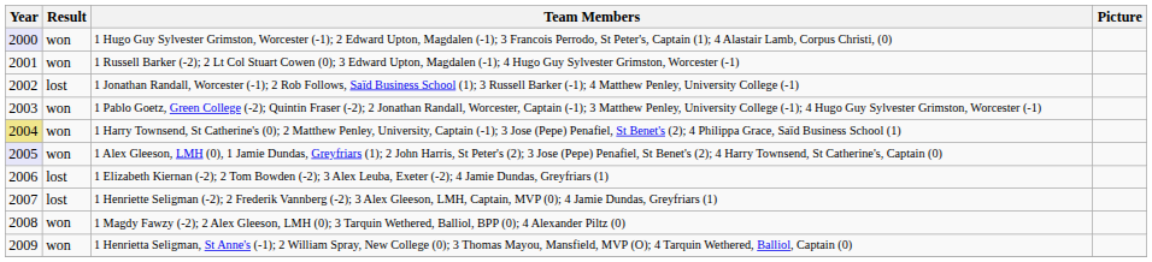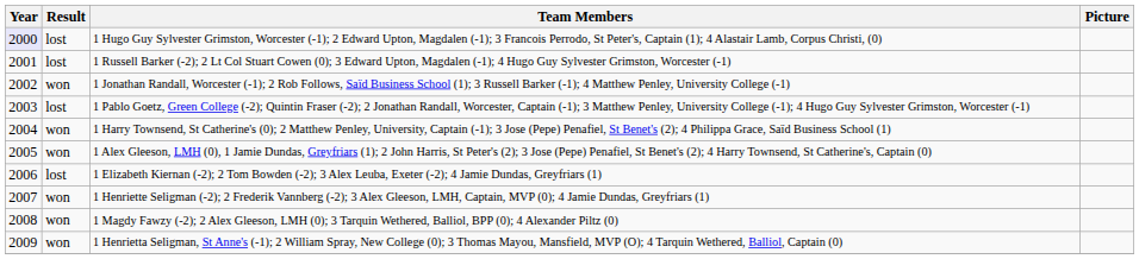 <table class="wikitable" width="100%">
 <tr>
 <th>Year</th>
 <th>Result</th>
 <th>Team Members</th>
 <th>Picture</th>
 </tr>
 <tr>
 <td style="background: lavender;">2000</td>
-<td>won</td>
+<td>lost</td>
 <td style="font-size:85%">1 Hugo Guy Sylvester Grimston, Worcester (-1); 2 Edward Upton, Magdalen (-1); 3 Francois Perrodo, St Peter's, Captain (1); 4 Alastair Lamb, Corpus Christi, (0)</td>
 <td></td>
 </tr>
 <tr>
 <td>2001</td>
-<td>won</td>
+<td>lost</td>
 <td style="font-size:85%">1 Russell Barker (-2); 2 Lt Col Stuart Cowen (0); 3 Edward Upton, Magdalen (-1); 4 Hugo Guy Sylvester Grimston, Worcester (-1)</td>
 <td></td>
 </tr>
 <tr>
 <td>2002</td>
-<td>lost</td>
+<td>won</td>
 <td style="font-size:85%">1 Jonathan Randall, Worcester (-1); 2 Rob Follows, <a href='#'>Saïd Business School</a> (1); 3 Russell Barker (-1); 4 Matthew Penley, University College (-1)</td>
 <td></td>
 </tr>
 <tr>
 <td>2003</td>
-<td>won</td>
+<td>lost</td>
 <td style="font-size:85%">1 Pablo Goetz, <a href='#'>Green College</a> (-2); Quintin Fraser (-2); 2 Jonathan Randall, Worcester, Captain (-1); 3 Matthew Penley, University College (-1); 4 Hugo Guy Sylvester Grimston, Worcester (-1)</td>
 <td></td>
 </tr>
 <tr>
-<td style="background: khaki;">2004</td>
+<td>2004</td>
 <td>won</td>
 <td style="font-size:85%">1 Harry Townsend, St Catherine's (0);  2 Matthew Penley, University, Captain (-1); 3 Jose (Pepe) Penafiel, <a href='#'>St Benet's</a> (2); 4 Philippa Grace, Saïd Business School (1)</td>
 <td></td>
 </tr>
 <tr>
-<td style="background: lavender;">2005</td>
+<td>2005</td>
 <td>won</td>
 <td style="font-size:85%">1 Alex Gleeson, <a href='#'>LMH</a> (0),  1 Jamie Dundas, <a href='#'>Greyfriars</a> (1); 2 John Harris, St Peter's (2); 3 Jose (Pepe) Penafiel, St Benet's (2); 4 Harry Townsend, St Catherine's, Captain (0)</td>
 <td></td>
 </tr>
 <tr>
 <td>2006</td>
 <td>lost</td>
 <td style="font-size:85%">1 Elizabeth Kiernan (-2); 2 Tom Bowden (-2); 3 Alex Leuba, Exeter (-2); 4 Jamie Dundas, Greyfriars (1)</td>
 <td></td>
 </tr>
 <tr>
 <td>2007</td>
-<td>lost</td>
+<td>won</td>
 <td style="font-size:85%">1 Henriette Seligman (-2); 2 Frederik Vannberg (-2); 3 Alex Gleeson, LMH, Captain, MVP (0); 4 Jamie Dundas, Greyfriars (1)</td>
 <td></td>
 </tr>
 <tr>
 <td>2008</td>
 <td>won</td>
 <td style="font-size:85%">1 Magdy Fawzy (-2); 2 Alex Gleeson, LMH (0); 3 Tarquin Wethered, Balliol, BPP (0); 4 Alexander Piltz (0)</td>
 <td></td>
 </tr>
 <tr>
 <td>2009</td>
 <td>won</td>
 <td style="font-size:85%">1 Henrietta Seligman, <a href='#'>St Anne's</a> (-1); 2 William Spray, New College (0); 3 Thomas Mayou, Mansfield, MVP (O); 4 Tarquin Wethered, <a href='#'>Balliol</a>, Captain (0)</td>
 <td></td>
 </tr>
 <tr>
 </tr>
 </table>
